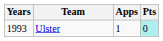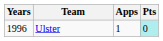 <table class="wikitable" style="text-align:left;">
 <tr>
 <th>Years</th>
 <th width=120px>Team</th>
 <th>Apps</th>
 <th>Pts</th>
 </tr>
 <tr>
-<td>1993</td>
+<td>1996</td>
 <td><a href='#'>Ulster</a></td>
 <td>1</td>
 <td style="background: paleturquoise;">0</td>
 </tr>
 </table>
